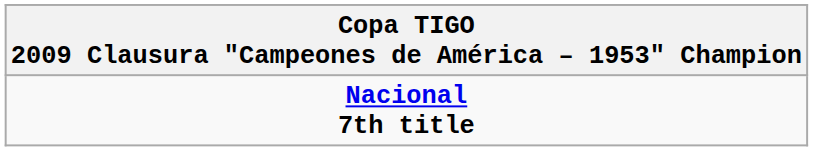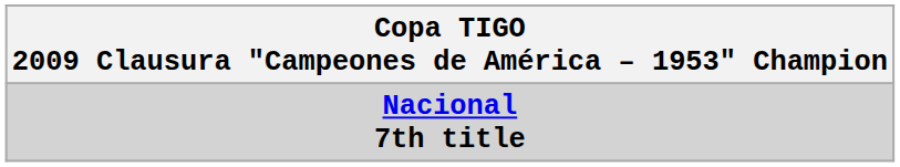 <table class="wikitable" style="text-align: center; margin: 0 auto;">
 <tr>
 <th>Copa TIGO<br>2009 Clausura "Campeones de América – 1953" Champion</th>
 </tr>
 <tr>
-<td><strong><a href='#'>Nacional</a></strong><br><strong>7th title </strong></td>
+<td style="background: lightgrey;"><strong><a href='#'>Nacional</a></strong><br><strong>7th title </strong></td>
 </tr>
 </table>
